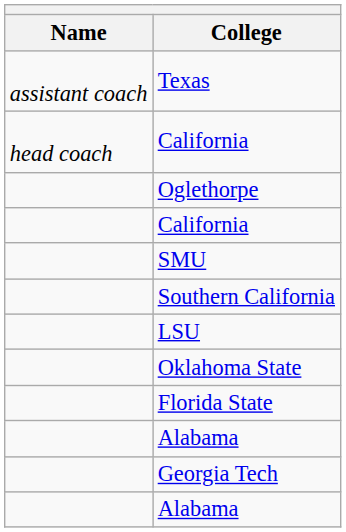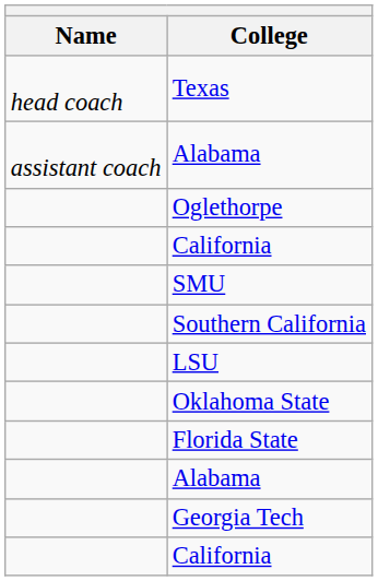 <table class="wikitable sortable">
 <tr>
 <th colspan=2></th>
 </tr>
 <tr>
 <th>Name</th>
 <th>College</th>
 </tr>
 <tr>
-<td><br><em>assistant coach</em></td>
+<td><br><em>head coach</em></td>
 <td><a href='#'>Texas</a></td>
 </tr>
 <tr>
-<td><br><em>head coach</em></td>
-<td><a href='#'>California</a></td>
+<td><br><em>assistant coach</em></td>
+<td><a href='#'>Alabama</a></td>
 </tr>
 <tr>
 <td></td>
 <td><a href='#'>Oglethorpe</a></td>
 </tr>
 <tr>
 <td></td>
 <td><a href='#'>California</a></td>
 </tr>
 <tr>
 <td></td>
 <td><a href='#'>SMU</a></td>
 </tr>
 <tr>
 <td></td>
 <td><a href='#'>Southern California</a></td>
 </tr>
 <tr>
 <td></td>
 <td><a href='#'>LSU</a></td>
 </tr>
 <tr>
 <td></td>
 <td><a href='#'>Oklahoma State</a></td>
 </tr>
 <tr>
 <td></td>
 <td><a href='#'>Florida State</a></td>
 </tr>
 <tr>
 <td></td>
 <td><a href='#'>Alabama</a></td>
 </tr>
 <tr>
 <td></td>
 <td><a href='#'>Georgia Tech</a></td>
 </tr>
 <tr>
 <td></td>
-<td><a href='#'>Alabama</a></td>
+<td><a href='#'>California</a></td>
 </tr>
 </table>
